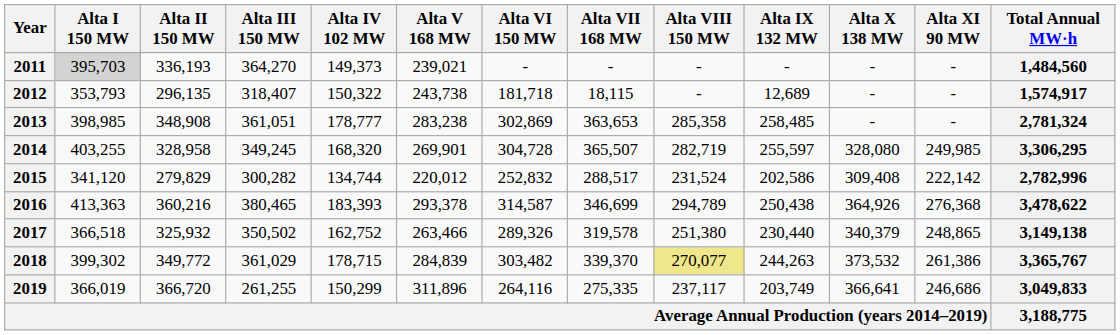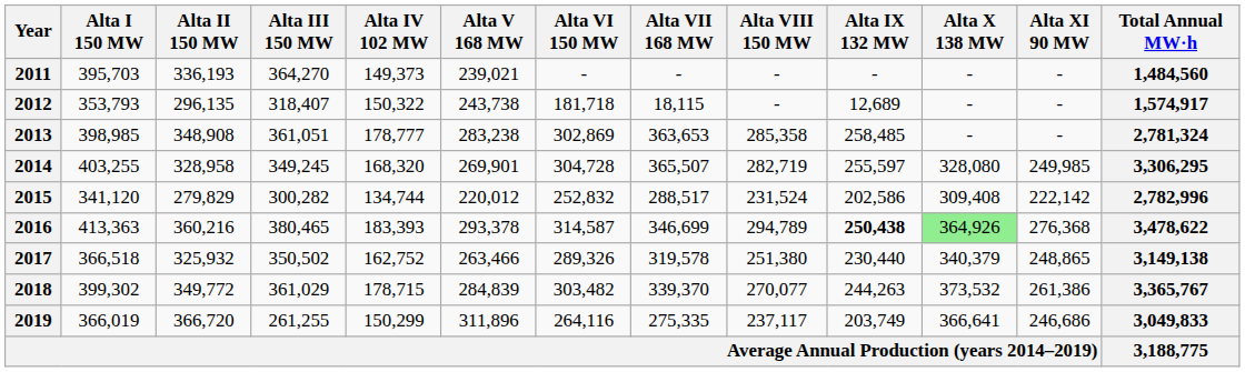 <table class=wikitable style="text-align:center; font-size:0.9em; width:950px;">
 <tr>
 <th>Year</th>
 <th>Alta I<br>150 MW </th>
 <th>Alta II<br>150 MW </th>
 <th>Alta III<br>150 MW </th>
 <th>Alta IV<br>102 MW </th>
 <th>Alta V<br>168 MW </th>
 <th>Alta VI<br>150 MW </th>
 <th>Alta VII<br>168 MW </th>
 <th>Alta VIII<br>150 MW </th>
 <th>Alta IX<br>132 MW </th>
 <th>Alta X<br>138 MW </th>
 <th>Alta XI<br>90 MW </th>
 <th>Total Annual<br><a href='#'>MW·h</a></th>
 </tr>
 <tr>
 <th>2011</th>
-<td style="background: lightgrey;">395,703</td>
+<td>395,703</td>
 <td>336,193</td>
 <td>364,270</td>
 <td>149,373</td>
 <td>239,021</td>
 <td>-</td>
 <td>-</td>
 <td>-</td>
 <td>-</td>
 <td>-</td>
 <td>-</td>
 <th>1,484,560</th>
 </tr>
 <tr>
 <th>2012</th>
 <td>353,793</td>
 <td>296,135</td>
 <td>318,407</td>
 <td>150,322</td>
 <td>243,738</td>
 <td>181,718</td>
 <td>18,115</td>
 <td>-</td>
 <td>12,689</td>
 <td>-</td>
 <td>-</td>
 <th>1,574,917</th>
 </tr>
 <tr>
 <th>2013</th>
 <td>398,985</td>
 <td>348,908</td>
 <td>361,051</td>
 <td>178,777</td>
 <td>283,238</td>
 <td>302,869</td>
 <td>363,653</td>
 <td>285,358</td>
 <td>258,485</td>
 <td>-</td>
 <td>-</td>
 <th>2,781,324</th>
 </tr>
 <tr>
 <th>2014</th>
 <td>403,255</td>
 <td>328,958</td>
 <td>349,245</td>
 <td>168,320</td>
 <td>269,901</td>
 <td>304,728</td>
 <td>365,507</td>
 <td>282,719</td>
 <td>255,597</td>
 <td>328,080</td>
 <td>249,985</td>
 <th>3,306,295</th>
 </tr>
 <tr>
 <th>2015</th>
 <td>341,120</td>
 <td>279,829</td>
 <td>300,282</td>
 <td>134,744</td>
 <td>220,012</td>
 <td>252,832</td>
 <td>288,517</td>
 <td>231,524</td>
 <td>202,586</td>
 <td>309,408</td>
 <td>222,142</td>
 <th>2,782,996</th>
 </tr>
 <tr>
 <th>2016</th>
 <td>413,363</td>
 <td>360,216</td>
 <td>380,465</td>
 <td>183,393</td>
 <td>293,378</td>
 <td>314,587</td>
 <td>346,699</td>
 <td>294,789</td>
-<td>250,438</td>
-<td>364,926</td>
+<td><strong>250,438</strong></td>
+<td style="background: lightgreen;">364,926</td>
 <td>276,368</td>
 <th>3,478,622</th>
 </tr>
 <tr>
 <th>2017</th>
 <td>366,518</td>
 <td>325,932</td>
 <td>350,502</td>
 <td>162,752</td>
 <td>263,466</td>
 <td>289,326</td>
 <td>319,578</td>
 <td>251,380</td>
 <td>230,440</td>
 <td>340,379</td>
 <td>248,865</td>
 <th>3,149,138</th>
 </tr>
 <tr>
 <th>2018</th>
 <td>399,302</td>
 <td>349,772</td>
 <td>361,029</td>
 <td>178,715</td>
 <td>284,839</td>
 <td>303,482</td>
 <td>339,370</td>
-<td style="background: khaki;">270,077</td>
+<td>270,077</td>
 <td>244,263</td>
 <td>373,532</td>
 <td>261,386</td>
 <th>3,365,767</th>
 </tr>
 <tr>
 <th>2019</th>
 <td>366,019</td>
 <td>366,720</td>
 <td>261,255</td>
 <td>150,299</td>
 <td>311,896</td>
 <td>264,116</td>
 <td>275,335</td>
 <td>237,117</td>
 <td>203,749</td>
 <td>366,641</td>
 <td>246,686</td>
 <th>3,049,833</th>
 </tr>
 <tr>
 <th colspan="12" style="text-align: right;">Average Annual Production (years 2014–2019)</th>
 <th>3,188,775</th>
 </tr>
 </table>
